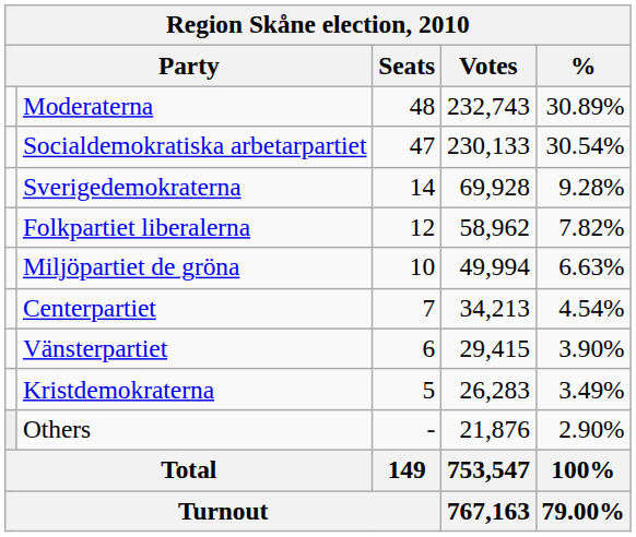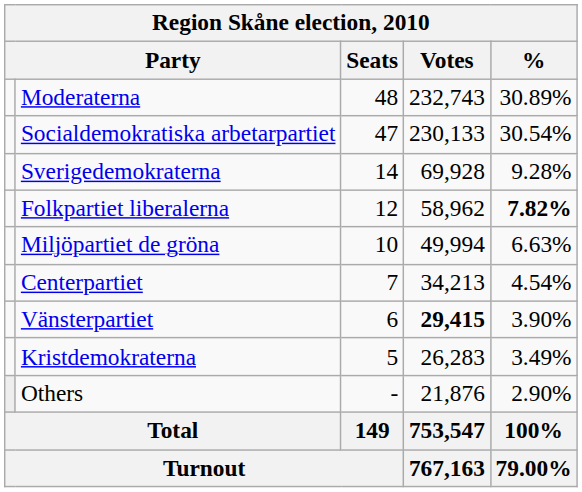 <table class="wikitable">
 <tr>
 <th colspan=5>Region Skåne election, 2010</th>
 </tr>
 <tr>
 <th colspan=2>Party</th>
 <th>Seats</th>
 <th>Votes</th>
 <th>%</th>
 </tr>
 <tr>
 <td bgcolor=></td>
 <td><a href='#'>Moderaterna</a></td>
 <td align=right>48</td>
 <td align=right>232,743</td>
 <td align=right>30.89%</td>
 </tr>
 <tr>
 <td bgcolor=></td>
 <td><a href='#'>Socialdemokratiska arbetarpartiet</a></td>
 <td align=right>47</td>
 <td align=right>230,133</td>
 <td align=right>30.54%</td>
 </tr>
 <tr>
 <td bgcolor=></td>
 <td><a href='#'>Sverigedemokraterna</a></td>
 <td align=right>14</td>
 <td align=right>69,928</td>
 <td align=right>9.28%</td>
 </tr>
 <tr>
 <td bgcolor=></td>
 <td><a href='#'>Folkpartiet liberalerna</a></td>
 <td align=right>12</td>
 <td align=right>58,962</td>
-<td align=right>7.82%</td>
+<td align=right><strong>7.82%</strong></td>
 </tr>
 <tr>
 <td bgcolor=></td>
 <td><a href='#'>Miljöpartiet de gröna</a></td>
 <td align=right>10</td>
 <td align=right>49,994</td>
 <td align=right>6.63%</td>
 </tr>
 <tr>
 <td bgcolor=></td>
 <td><a href='#'>Centerpartiet</a></td>
 <td align=right>7</td>
 <td align=right>34,213</td>
 <td align=right>4.54%</td>
 </tr>
 <tr>
 <td bgcolor=></td>
 <td><a href='#'>Vänsterpartiet</a></td>
 <td align=right>6</td>
-<td align=right>29,415</td>
+<td align=right><strong>29,415</strong></td>
 <td align=right>3.90%</td>
 </tr>
 <tr>
 <td bgcolor=></td>
 <td><a href='#'>Kristdemokraterna</a></td>
 <td align=right>5</td>
 <td align=right>26,283</td>
 <td align=right>3.49%</td>
 </tr>
 <tr>
 <td bgcolor=#eeeeee></td>
 <td>Others</td>
 <td align=right>-</td>
 <td align=right>21,876</td>
 <td align=right>2.90%</td>
 </tr>
 <tr>
 <th colspan=2>Total</th>
 <th align=right>149</th>
 <th align=right>753,547</th>
 <th align=right>100%</th>
 </tr>
 <tr>
 <th colspan=3>Turnout</th>
 <th align=right>767,163</th>
 <th align=right>79.00%</th>
 </tr>
 </table>
